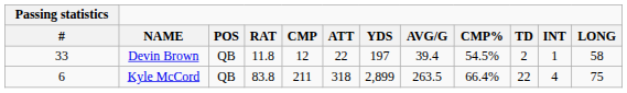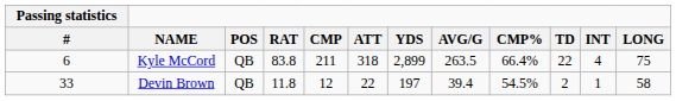 <table style="width:60%; text-align:center;" class="wikitable collapsible collapsed">
 <tr>
 <th style="text-align:center; ">Passing statistics</th>
 </tr>
 <tr>
 <th>#</th>
 <th>NAME</th>
 <th>POS</th>
 <th>RAT</th>
 <th>CMP</th>
 <th>ATT</th>
 <th>YDS</th>
 <th>AVG/G</th>
 <th>CMP%</th>
 <th>TD</th>
 <th>INT</th>
 <th>LONG</th>
 </tr>
 <tr>
+<td>6</td>
+<td><a href='#'>Kyle McCord</a></td>
+<td>QB</td>
+<td>83.8</td>
+<td>211</td>
+<td>318</td>
+<td>2,899</td>
+<td>263.5</td>
+<td>66.4%</td>
+<td>22</td>
+<td>4</td>
+<td>75</td>
+</tr>
+<tr>
 <td>33</td>
 <td><a href='#'>Devin Brown</a></td>
 <td>QB</td>
 <td>11.8</td>
 <td>12</td>
 <td>22</td>
 <td>197</td>
 <td>39.4</td>
 <td>54.5%</td>
 <td>2</td>
 <td>1</td>
 <td>58</td>
 </tr>
-<tr>
-<td>6</td>
-<td><a href='#'>Kyle McCord</a></td>
-<td>QB</td>
-<td>83.8</td>
-<td>211</td>
-<td>318</td>
-<td>2,899</td>
-<td>263.5</td>
-<td>66.4%</td>
-<td>22</td>
-<td>4</td>
-<td>75</td>
-</tr>
 </table>
